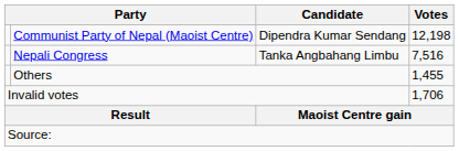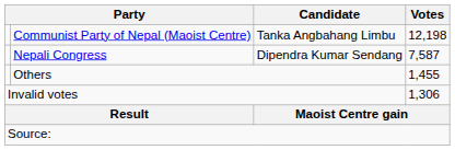 <table class="wikitable">
 <tr>
 <th colspan="2">Party</th>
 <th>Candidate</th>
 <th>Votes</th>
 </tr>
 <tr>
 <td style="background-color:"></td>
 <td><a href='#'>Communist Party of Nepal (Maoist Centre)</a></td>
-<td>Dipendra Kumar Sendang</td>
+<td>Tanka Angbahang Limbu</td>
 <td>12,198</td>
 </tr>
 <tr>
 <td style="background-color:"></td>
 <td><a href='#'>Nepali Congress</a></td>
-<td>Tanka Angbahang Limbu</td>
-<td>7,516</td>
+<td>Dipendra Kumar Sendang</td>
+<td>7,587</td>
 </tr>
 <tr>
 <td></td>
 <td colspan="2">Others</td>
 <td>1,455</td>
 </tr>
 <tr>
 <td colspan="3">Invalid votes</td>
-<td>1,706</td>
+<td>1,306</td>
 </tr>
 <tr>
 <th colspan="2">Result</th>
 <th colspan="2">Maoist Centre gain</th>
 </tr>
 <tr>
 <td colspan="4">Source: </td>
 </tr>
 </table>
